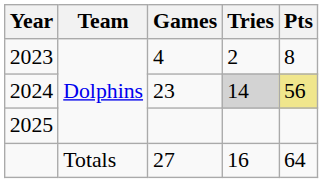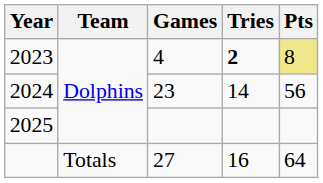 <table class="wikitable">
 <tr>
 <th>Year</th>
 <th>Team</th>
 <th>Games</th>
 <th>Tries</th>
 <th>Pts</th>
 </tr>
 <tr>
 <td>2023</td>
 <td rowspan="3"> <a href='#'>Dolphins</a></td>
 <td>4</td>
-<td>2</td>
-<td>8</td>
+<td><strong>2</strong></td>
+<td style="background: khaki;">8</td>
 </tr>
 <tr>
 <td>2024</td>
 <td>23</td>
-<td style="background: lightgrey;">14</td>
-<td style="background: khaki;">56</td>
+<td>14</td>
+<td>56</td>
 </tr>
 <tr>
 <td>2025</td>
 <td></td>
 <td></td>
 <td></td>
 </tr>
 <tr>
 <td></td>
 <td>Totals</td>
 <td>27</td>
 <td>16</td>
 <td>64</td>
 </tr>
 </table>
